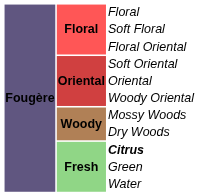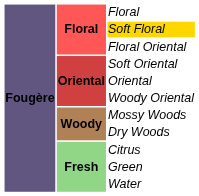 <table>
 <tr>
 <th rowspan=11 style="background:#605680;">Fougère</th>
 <th rowspan=3 style="background:#ff5656;">Floral</th>
 <td><em>Floral</em></td>
 </tr>
 <tr>
-<td><em>Soft Floral</em></td>
+<td style="background: gold;"><em>Soft Floral</em></td>
 </tr>
 <tr>
 <td><em>Floral Oriental</em></td>
 </tr>
 <tr>
 <th rowspan=3 style="background:#d04040;">Oriental</th>
 <td><em>Soft Oriental</em></td>
 </tr>
 <tr>
 <td><em>Oriental</em></td>
 </tr>
 <tr>
 <td><em>Woody Oriental</em></td>
 </tr>
 <tr>
 <th rowspan=2 style="background:#b08056;">Woody</th>
 <td><em>Mossy Woods</em></td>
 </tr>
 <tr>
 <td><em>Dry Woods</em></td>
 </tr>
 <tr>
 <th rowspan=3 style="background:#90d686;">Fresh</th>
-<td><strong><em>Citrus</em></strong></td>
+<td><em>Citrus</em></td>
 </tr>
 <tr>
 <td><em>Green</em></td>
 </tr>
 <tr>
 <td><em>Water</em></td>
 </tr>
 </table>
